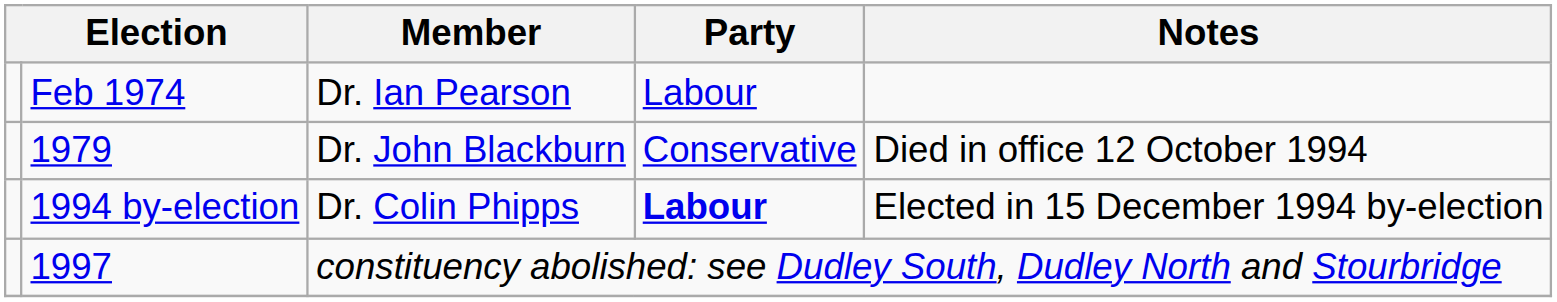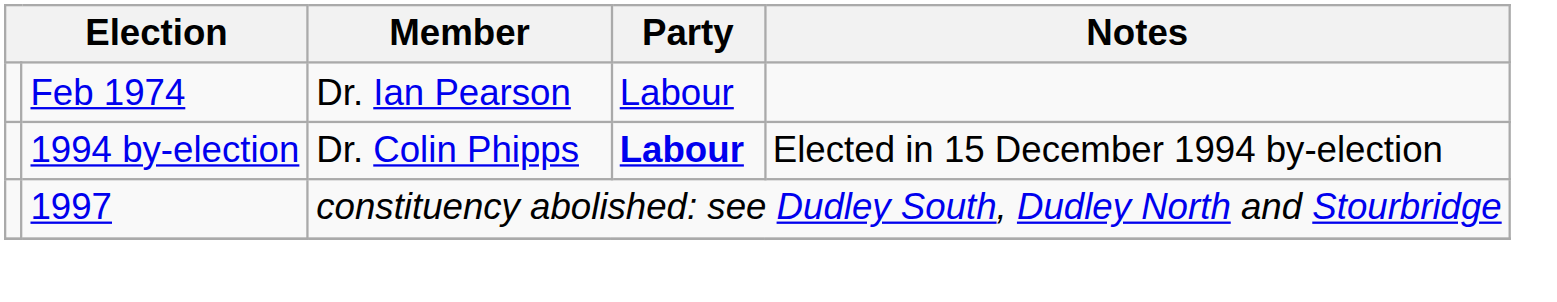 <table class="wikitable">
 <tr>
 <th colspan="2">Election</th>
 <th>Member</th>
 <th>Party</th>
 <th>Notes</th>
 </tr>
 <tr>
 <td style="color:inherit;background-color: "></td>
 <td><a href='#'>Feb 1974</a></td>
 <td>Dr. <a href='#'>Ian Pearson</a></td>
 <td><a href='#'>Labour</a></td>
-</tr>
-<tr>
-<td style="color:inherit;background-color: "></td>
-<td><a href='#'>1979</a></td>
-<td>Dr. <a href='#'>John Blackburn</a></td>
-<td><a href='#'>Conservative</a></td>
-<td>Died in office 12 October 1994</td>
 </tr>
 <tr>
 <td style="color:inherit;background-color: "></td>
 <td><a href='#'>1994 by-election</a></td>
 <td>Dr. <a href='#'>Colin Phipps</a></td>
 <td><strong><a href='#'>Labour</a></strong></td>
 <td>Elected in 15 December 1994 by-election</td>
 </tr>
 <tr>
 <td></td>
 <td><a href='#'>1997</a></td>
 <td colspan="3"><em>constituency abolished: see <a href='#'>Dudley South</a>, <a href='#'>Dudley North</a> and <a href='#'>Stourbridge</a></em></td>
 </tr>
 <tr>
 </tr>
 </table>
